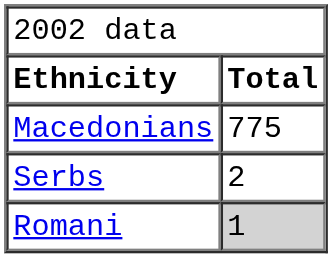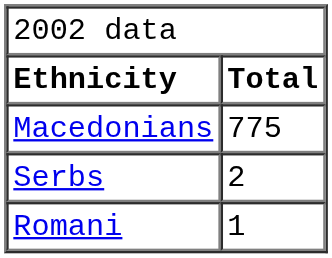 <table border=1 cellspacing=0 cellpadding=2>
 <tr>
 <td colspan=2>2002 data</td>
 </tr>
 <tr>
 <td><strong>Ethnicity</strong></td>
 <td><strong>Total</strong></td>
 </tr>
 <tr>
 <td><a href='#'>Macedonians</a></td>
 <td>775</td>
 </tr>
 <tr>
 <td><a href='#'>Serbs</a></td>
 <td>2</td>
 </tr>
 <tr>
 <td><a href='#'>Romani</a></td>
-<td style="background: lightgrey;">1</td>
+<td>1</td>
 </tr>
 <tr>
 </tr>
 </table>
